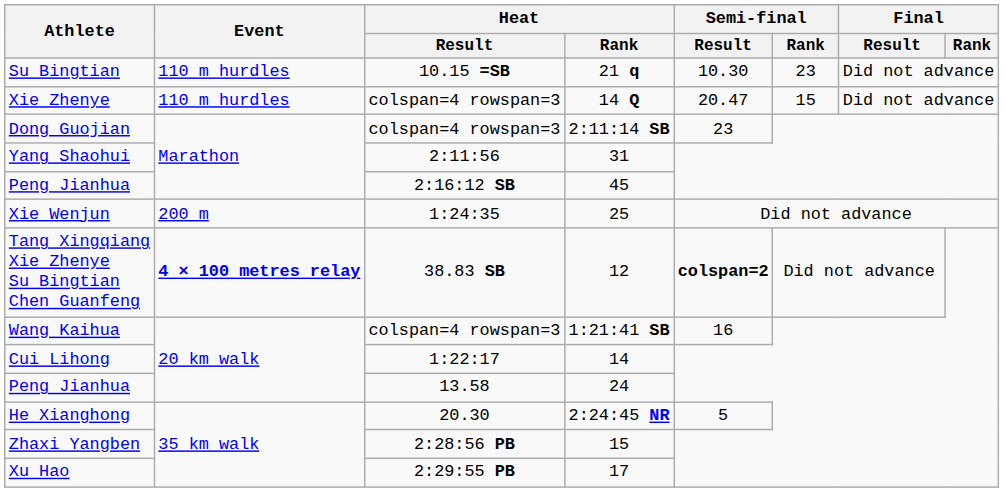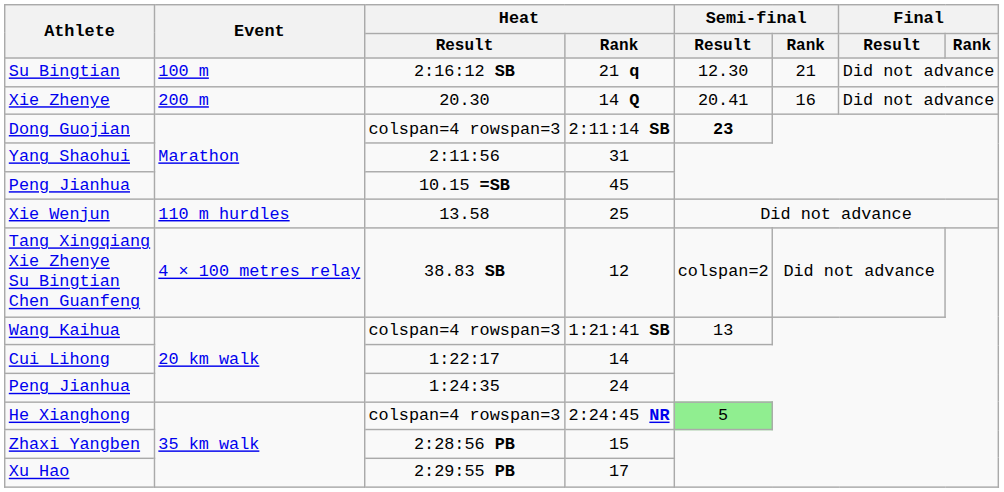 <table class="wikitable" style="font-size:90%">
 <tr>
 <th rowspan="2">Athlete</th>
 <th rowspan="2">Event</th>
 <th colspan="2">Heat</th>
 <th colspan="2">Semi-final</th>
 <th colspan="2">Final</th>
 </tr>
 <tr style="font-size:95%">
 <th>Result</th>
 <th>Rank</th>
 <th>Result</th>
 <th>Rank</th>
 <th>Result</th>
 <th>Rank</th>
 </tr>
 <tr align=center>
 <td align=left><a href='#'>Su Bingtian</a></td>
-<td align=left><a href='#'>110 m hurdles</a></td>
-<td>10.15 <strong>=SB</strong></td>
+<td align=left><a href='#'>100 m</a></td>
+<td>2:16:12 <strong>SB</strong></td>
 <td>21 <strong>q</strong></td>
-<td>10.30</td>
-<td>23</td>
+<td>12.30</td>
+<td>21</td>
 <td colspan="2">Did not advance</td>
 </tr>
 <tr align=center>
 <td align=left><a href='#'>Xie Zhenye</a></td>
-<td align=left><a href='#'>110 m hurdles</a></td>
-<td>colspan=4 rowspan=3 </td>
+<td align=left><a href='#'>200 m</a></td>
+<td>20.30</td>
 <td>14 <strong>Q</strong></td>
-<td>20.47</td>
-<td>15</td>
+<td>20.41</td>
+<td>16</td>
 <td colspan="2">Did not advance</td>
 </tr>
 <tr align=center>
 <td align=left><a href='#'>Dong Guojian</a></td>
 <td align=left rowspan=3><a href='#'>Marathon</a></td>
 <td>colspan=4 rowspan=3 </td>
 <td>2:11:14 <strong>SB</strong></td>
-<td>23</td>
+<td><strong>23</strong></td>
 </tr>
 <tr align=center>
 <td align=left><a href='#'>Yang Shaohui</a></td>
 <td>2:11:56</td>
 <td>31</td>
 </tr>
 <tr align=center>
 <td align=left><a href='#'>Peng Jianhua</a></td>
-<td>2:16:12 <strong>SB</strong></td>
+<td>10.15 <strong>=SB</strong></td>
 <td>45</td>
 </tr>
 <tr align=center>
 <td align=left><a href='#'>Xie Wenjun</a></td>
-<td align=left><a href='#'>200 m</a></td>
-<td>1:24:35</td>
+<td align=left><a href='#'>110 m hurdles</a></td>
+<td>13.58</td>
 <td>25</td>
 <td colspan="4">Did not advance</td>
 </tr>
 <tr align=center>
 <td align=left><a href='#'>Tang Xingqiang</a> <br> <a href='#'>Xie Zhenye</a><br> <a href='#'>Su Bingtian</a><br> <a href='#'>Chen Guanfeng</a></td>
-<td align=left><strong><a href='#'>4 × 100 metres relay</a></strong></td>
+<td align=left><a href='#'>4 × 100 metres relay</a></td>
 <td>38.83 <strong>SB</strong></td>
 <td>12</td>
-<td><strong>colspan=2</strong></td>
+<td>colspan=2</td>
 <td colspan="2">Did not advance</td>
 </tr>
 <tr align=center>
 <td align=left><a href='#'>Wang Kaihua</a></td>
 <td align=left rowspan=3><a href='#'>20 km walk</a></td>
 <td>colspan=4 rowspan=3 </td>
 <td>1:21:41 <strong>SB</strong></td>
-<td>16</td>
+<td>13</td>
 </tr>
 <tr align=center>
 <td align=left><a href='#'>Cui Lihong</a></td>
 <td>1:22:17</td>
 <td>14</td>
 </tr>
 <tr align=center>
 <td align=left><a href='#'>Peng Jianhua</a></td>
-<td>13.58</td>
+<td>1:24:35</td>
 <td>24</td>
 </tr>
 <tr align=center>
 <td align=left><a href='#'>He Xianghong</a></td>
 <td align=left rowspan=3><a href='#'>35 km walk</a></td>
-<td>20.30</td>
+<td>colspan=4 rowspan=3 </td>
 <td>2:24:45 <strong><a href='#'>NR</a></strong></td>
-<td>5</td>
+<td style="background: lightgreen;">5</td>
 </tr>
 <tr align=center>
 <td align=left><a href='#'>Zhaxi Yangben</a></td>
 <td>2:28:56 <strong>PB</strong></td>
 <td>15</td>
 </tr>
 <tr align=center>
 <td align=left><a href='#'>Xu Hao</a></td>
 <td>2:29:55 <strong>PB</strong></td>
 <td>17</td>
 </tr>
 </table>
